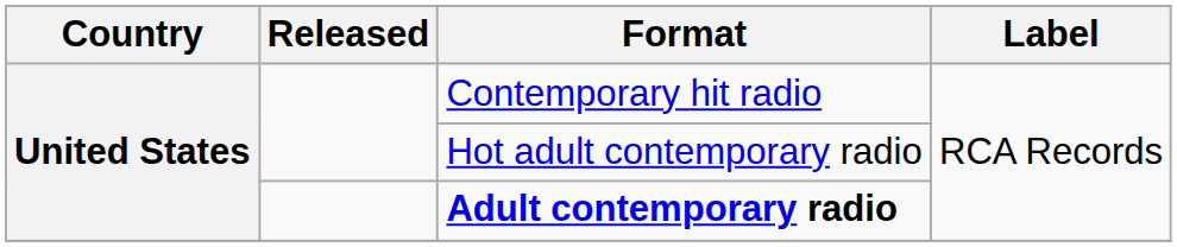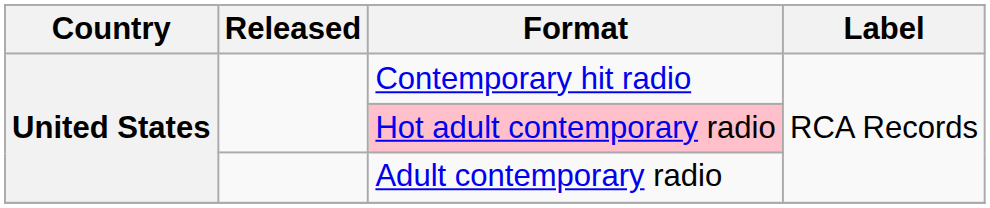 <table class="wikitable plainrowheaders">
 <tr>
 <th scope="col">Country</th>
 <th scope="col">Released</th>
 <th scope="col">Format</th>
 <th scope="col">Label</th>
 </tr>
 <tr>
 <th scope="row" rowspan="3">United States</th>
 <td rowspan="2"></td>
 <td><a href='#'>Contemporary hit radio</a></td>
 <td rowspan="3">RCA Records</td>
 </tr>
 <tr>
-<td><a href='#'>Hot adult contemporary</a> radio</td>
+<td style="background: pink;"><a href='#'>Hot adult contemporary</a> radio</td>
 </tr>
 <tr>
 <td></td>
-<td><strong><a href='#'>Adult contemporary</a> radio</strong></td>
+<td><a href='#'>Adult contemporary</a> radio</td>
 </tr>
 <tr>
 </tr>
 </table>
